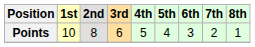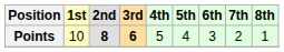 <table class="wikitable sortable" style="font-size:85%">
 <tr>
 <th>Position</th>
 <td style="background-color:#ffffbf"><strong>1st</strong></td>
 <td style="background-color:#dfdfdf"><strong>2nd</strong></td>
 <td style="background-color:#ffdf9f"><strong>3rd</strong></td>
 <td style="background-color:#dfffdf"><strong>4th</strong></td>
 <td style="background-color:#dfffdf"><strong>5th</strong></td>
 <td style="background-color:#dfffdf"><strong>6th</strong></td>
 <td style="background-color:#dfffdf"><strong>7th</strong></td>
 <td style="background-color:#dfffdf"><strong>8th</strong></td>
 </tr>
 <tr>
 <th>Points</th>
 <td style="background-color:#ffffbf" align="center">10</td>
-<td style="background-color:#dfdfdf" align="center">8</td>
-<td style="background-color:#ffdf9f" align="center">6</td>
+<td style="background-color:#dfdfdf" align="center"><strong>8</strong></td>
+<td style="background-color:#ffdf9f" align="center"><strong>6</strong></td>
 <td style="background-color:#dfffdf" align="center">5</td>
 <td style="background-color:#dfffdf" align="center">4</td>
 <td style="background-color:#dfffdf" align="center">3</td>
 <td style="background-color:#dfffdf" align="center">2</td>
 <td style="background-color:#dfffdf" align="center">1</td>
 </tr>
 <tr>
 </tr>
 </table>
